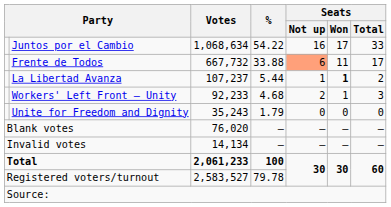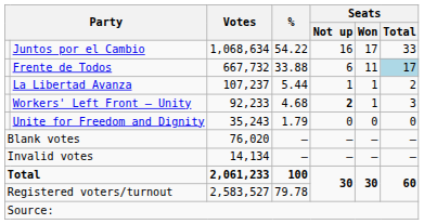 <table class="wikitable" style="text-align:right">
 <tr>
 <th colspan="2" rowspan="2">Party</th>
 <th rowspan="2">Votes</th>
 <th rowspan="2">%</th>
 <th colspan="3">Seats</th>
 </tr>
 <tr>
 <th>Not up</th>
 <th>Won</th>
 <th>Total</th>
 </tr>
 <tr>
 <td bgcolor=></td>
 <td align="left"><a href='#'>Juntos por el Cambio</a></td>
 <td>1,068,634</td>
 <td>54.22</td>
 <td>16</td>
 <td>17</td>
 <td>33</td>
 </tr>
 <tr>
 <td bgcolor=></td>
 <td align="left"><a href='#'>Frente de Todos</a></td>
 <td>667,732</td>
 <td>33.88</td>
-<td style="background: lightsalmon;">6</td>
+<td>6</td>
 <td>11</td>
-<td>17</td>
+<td style="background: lightblue;">17</td>
 </tr>
 <tr>
 <td bgcolor=></td>
 <td align="left"><a href='#'>La Libertad Avanza</a></td>
 <td>107,237</td>
 <td>5.44</td>
 <td>1</td>
-<td><strong>1</strong></td>
+<td>1</td>
 <td>2</td>
 </tr>
 <tr>
 <td></td>
 <td align="left"><a href='#'>Workers' Left Front – Unity</a></td>
 <td>92,233</td>
 <td>4.68</td>
-<td>2</td>
+<td><strong>2</strong></td>
 <td>1</td>
 <td>3</td>
 </tr>
 <tr>
 <td></td>
 <td align="left"><a href='#'>Unite for Freedom and Dignity</a></td>
 <td>35,243</td>
 <td>1.79</td>
 <td>0</td>
 <td>0</td>
 <td>0</td>
 </tr>
 <tr>
 <td colspan="2" align="left">Blank votes</td>
 <td>76,020</td>
 <td>–</td>
 <td>–</td>
 <td>–</td>
 <td>–</td>
 </tr>
 <tr>
 <td colspan="2" align="left">Invalid votes</td>
 <td>14,134</td>
 <td>–</td>
 <td>–</td>
 <td>–</td>
 <td>–</td>
 </tr>
 <tr>
 <td colspan="2" align="left"><strong>Total</strong></td>
 <td><strong>2,061,233</strong></td>
 <td><strong>100</strong></td>
 <td rowspan="2"><strong>30</strong></td>
 <td rowspan="2"><strong>30</strong></td>
 <td rowspan="2"><strong>60</strong></td>
 </tr>
 <tr>
 <td colspan="2" align="left">Registered voters/turnout</td>
 <td>2,583,527</td>
 <td>79.78</td>
 </tr>
 <tr>
 <td colspan="7" align="left">Source: </td>
 </tr>
 </table>
